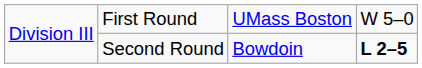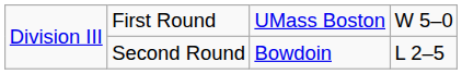 <table class="wikitable">
 <tr>
 <td rowspan="5"><a href='#'>Division III</a></td>
 <td>First Round</td>
 <td><a href='#'>UMass Boston</a></td>
 <td>W 5–0</td>
 </tr>
 <tr>
 <td>Second Round</td>
 <td><a href='#'>Bowdoin</a></td>
-<td><strong>L 2–5</strong></td>
+<td>L 2–5</td>
 </tr>
 </table>
